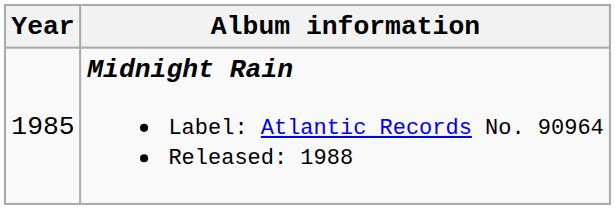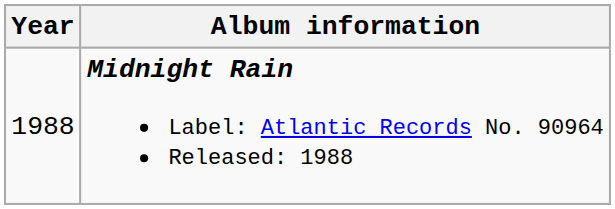 <table class="wikitable">
 <tr>
 <th>Year</th>
 <th>Album information</th>
 </tr>
 <tr>
-<td>1985</td>
+<td>1988</td>
 <td><strong><em>Midnight Rain</em></strong><br><ul><li><small>Label: <a href='#'>Atlantic Records</a> No. 90964</small></li><li><small>Released: 1988</small></li></ul></td>
 </tr>
 </table>
